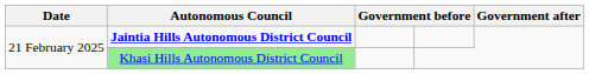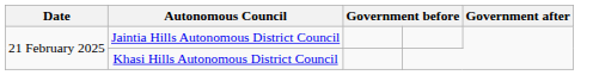 <table class="wikitable sortable"style="text-align:center;">
 <tr>
 <th>Date</th>
 <th>Autonomous Council</th>
 <th colspan=2>Government before</th>
 <th colspan=2>Government after</th>
 </tr>
 <tr>
 <td rowspan=2>21 February 2025</td>
-<td><strong><a href='#'>Jaintia Hills Autonomous District Council</a></strong></td>
+<td><a href='#'>Jaintia Hills Autonomous District Council</a></td>
 <td></td>
 <td></td>
 </tr>
 <tr>
-<td style="background: lightgreen;"><a href='#'>Khasi Hills Autonomous District Council</a></td>
+<td><a href='#'>Khasi Hills Autonomous District Council</a></td>
 <td></td>
 </tr>
 </table>
